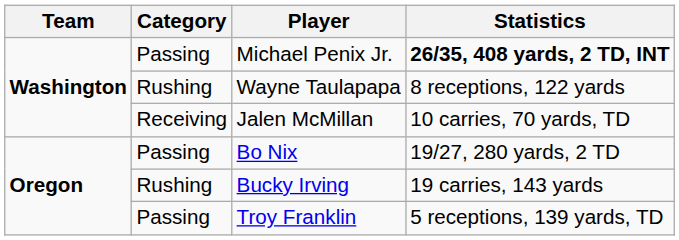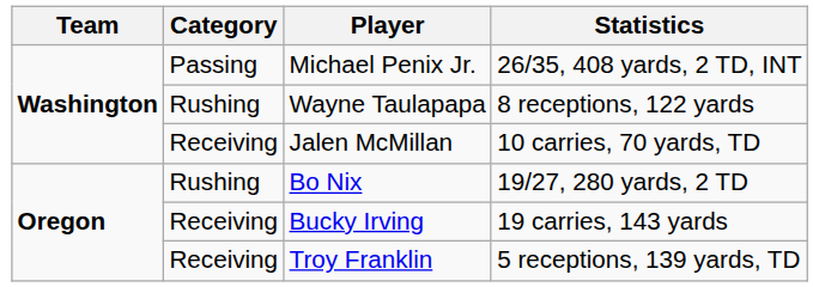 <table class="wikitable" style="float: right;">
 <tr>
 <th>Team</th>
 <th>Category</th>
 <th>Player</th>
 <th>Statistics</th>
 </tr>
 <tr>
 <td rowspan=3><strong>Washington</strong></td>
 <td>Passing</td>
 <td>Michael Penix Jr.</td>
-<td><strong>26/35, 408 yards, 2 TD, INT</strong></td>
+<td>26/35, 408 yards, 2 TD, INT</td>
 </tr>
 <tr>
 <td>Rushing</td>
 <td>Wayne Taulapapa</td>
 <td>8 receptions, 122 yards</td>
 </tr>
 <tr>
 <td>Receiving</td>
 <td>Jalen McMillan</td>
 <td>10 carries, 70 yards, TD</td>
 </tr>
 <tr>
 <td rowspan=3><strong>Oregon</strong></td>
-<td>Passing</td>
+<td>Rushing</td>
 <td><a href='#'>Bo Nix</a></td>
 <td>19/27, 280 yards, 2 TD</td>
 </tr>
 <tr>
-<td>Rushing</td>
+<td>Receiving</td>
 <td><a href='#'>Bucky Irving</a></td>
 <td>19 carries, 143 yards</td>
 </tr>
 <tr>
-<td>Passing</td>
+<td>Receiving</td>
 <td><a href='#'>Troy Franklin</a></td>
 <td>5 receptions, 139 yards, TD</td>
 </tr>
 </table>
